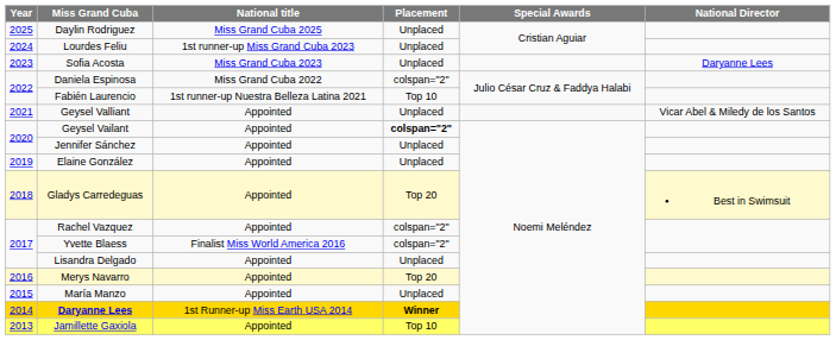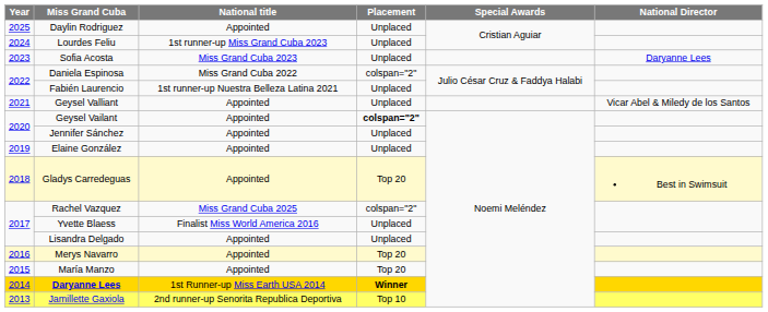 <table class="wikitable" style="font-size: 90%; text-align:center; width:90%">
 <tr>
 <th style="background-color:#787878;color:#FFFFFF;">Year</th>
 <th style="background-color:#787878;color:#FFFFFF;">Miss Grand Cuba</th>
 <th style="background-color:#787878;color:#FFFFFF;">National title</th>
 <th style="background-color:#787878;color:#FFFFFF;">Placement</th>
 <th style="background-color:#787878;color:#FFFFFF;">Special Awards</th>
 <th style="background-color:#787878;color:#FFFFFF;">National Director</th>
 </tr>
 <tr>
 <td><a href='#'>2025</a></td>
 <td>Daylin Rodriguez</td>
-<td><a href='#'>Miss Grand Cuba 2025</a></td>
+<td>Appointed</td>
 <td>Unplaced</td>
 <td rowspan=2>Cristian Aguiar</td>
 </tr>
 <tr>
 <td><a href='#'>2024</a></td>
 <td>Lourdes Feliu</td>
 <td>1st runner-up <a href='#'>Miss Grand Cuba 2023</a></td>
 <td>Unplaced</td>
 <td></td>
 </tr>
 <tr>
 <td><a href='#'>2023</a></td>
 <td>Sofia Acosta</td>
 <td><a href='#'>Miss Grand Cuba 2023</a></td>
 <td>Unplaced</td>
 <td></td>
 <td><a href='#'>Daryanne Lees</a></td>
 </tr>
 <tr>
 <td rowspan="2"><a href='#'>2022</a></td>
 <td>Daniela Espinosa</td>
 <td>Miss Grand Cuba 2022</td>
 <td>colspan="2" </td>
 <td rowspan=2>Julio César Cruz & Faddya Halabi</td>
 </tr>
 <tr>
 <td>Fabién Laurencio</td>
 <td>1st runner-up Nuestra Belleza Latina 2021</td>
-<td>Top 10</td>
+<td>Unplaced</td>
 <td></td>
 </tr>
 <tr>
 <td><a href='#'>2021</a></td>
 <td>Geysel Valliant</td>
 <td>Appointed</td>
 <td>Unplaced</td>
 <td></td>
 <td>Vicar Abel & Miledy de los Santos</td>
 </tr>
 <tr>
 <td rowspan="2"><a href='#'>2020</a></td>
 <td>Geysel Vailant</td>
 <td>Appointed</td>
 <td><strong>colspan="2" </strong></td>
 <td rowspan=11>Noemi Meléndez</td>
 </tr>
 <tr>
 <td>Jennifer Sánchez</td>
 <td>Appointed</td>
 <td>Unplaced</td>
 <td></td>
 </tr>
 <tr>
 <td><a href='#'>2019</a></td>
 <td>Elaine González</td>
 <td>Appointed</td>
 <td>Unplaced</td>
 <td></td>
 </tr>
 <tr bgcolor=#FFFACD>
 <td><a href='#'>2018</a></td>
 <td>Gladys Carredeguas</td>
 <td>Appointed</td>
 <td>Top 20</td>
 <td><br><ul><li>Best in Swimsuit</li></ul></td>
 </tr>
 <tr>
 <td rowspan="3"><a href='#'>2017</a></td>
 <td>Rachel Vazquez</td>
-<td>Appointed</td>
+<td><a href='#'>Miss Grand Cuba 2025</a></td>
 <td>colspan="2" </td>
 </tr>
 <tr>
 <td>Yvette Blaess</td>
 <td>Finalist <a href='#'>Miss World America 2016</a></td>
-<td>colspan="2" </td>
+<td>Unplaced</td>
 </tr>
 <tr>
 <td>Lisandra Delgado</td>
 <td>Appointed</td>
 <td>Unplaced</td>
 <td></td>
 </tr>
 <tr bgcolor=#FFFACD>
 <td><a href='#'>2016</a></td>
 <td>Merys Navarro</td>
 <td>Appointed</td>
 <td>Top 20</td>
 <td></td>
 </tr>
 <tr>
 <td><a href='#'>2015</a></td>
 <td>María Manzo</td>
 <td>Appointed</td>
-<td>Unplaced</td>
+<td>Top 20</td>
 <td></td>
 </tr>
 <tr bgcolor=gold>
 <td><a href='#'>2014</a></td>
 <td><strong><a href='#'>Daryanne Lees</a></strong></td>
 <td>1st Runner-up <a href='#'>Miss Earth USA 2014</a></td>
 <td><strong>Winner</strong></td>
 <td></td>
 </tr>
 <tr bgcolor=#FFFF66>
 <td><a href='#'>2013</a></td>
 <td><a href='#'>Jamillette Gaxiola</a></td>
-<td>Appointed</td>
+<td>2nd runner-up Senorita Republica Deportiva</td>
 <td>Top 10</td>
 <td></td>
 </tr>
 </table>
